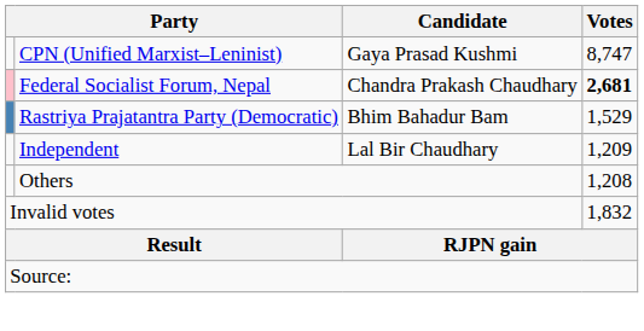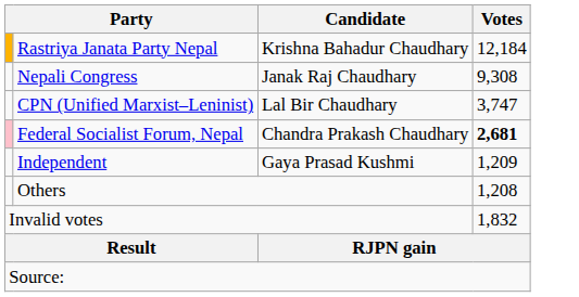 <table class="wikitable">
 <tr>
 <th colspan="2">Party</th>
 <th>Candidate</th>
 <th>Votes</th>
 </tr>
 <tr>
+<td style="background-color:#ffb300"></td>
+<td><a href='#'>Rastriya Janata Party Nepal</a></td>
+<td>Krishna Bahadur Chaudhary</td>
+<td>12,184</td>
+</tr>
+<tr>
+<td style="background-color:"></td>
+<td><a href='#'>Nepali Congress</a></td>
+<td>Janak Raj Chaudhary</td>
+<td>9,308</td>
+</tr>
+<tr>
 <td style="background-color:"></td>
 <td><a href='#'>CPN (Unified Marxist–Leninist)</a></td>
-<td>Gaya Prasad Kushmi</td>
-<td>8,747</td>
+<td>Lal Bir Chaudhary</td>
+<td>3,747</td>
 </tr>
 <tr>
 <td style="background-color:pink"></td>
 <td><a href='#'>Federal Socialist Forum, Nepal</a></td>
 <td>Chandra Prakash Chaudhary</td>
 <td><strong>2,681</strong></td>
 </tr>
 <tr>
-<td style="background-color:steelblue"></td>
-<td><a href='#'>Rastriya Prajatantra Party (Democratic)</a></td>
-<td>Bhim Bahadur Bam</td>
-<td>1,529</td>
-</tr>
-<tr>
 <td style="background-color:"></td>
 <td><a href='#'>Independent</a></td>
-<td>Lal Bir Chaudhary</td>
+<td>Gaya Prasad Kushmi</td>
 <td>1,209</td>
 </tr>
 <tr>
 <td></td>
 <td colspan="2">Others</td>
 <td>1,208</td>
 </tr>
 <tr>
 <td colspan="3">Invalid votes</td>
 <td>1,832</td>
 </tr>
 <tr>
 <th colspan="2">Result</th>
 <th colspan="2">RJPN gain</th>
 </tr>
 <tr>
 <td colspan="4">Source: </td>
 </tr>
 </table>
